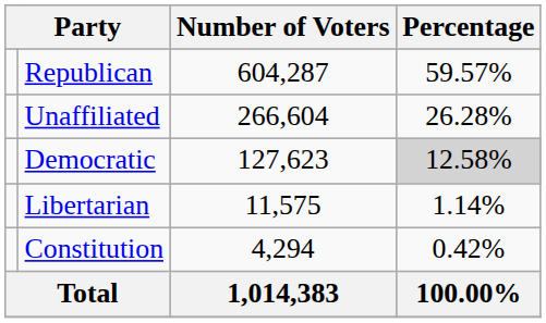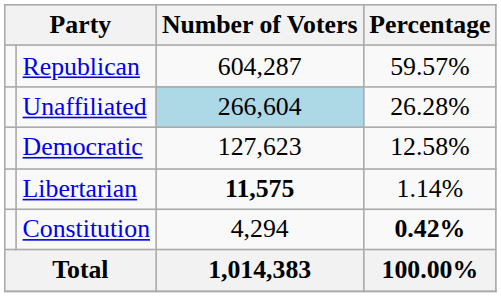 <table class="wikitable sortable">
 <tr>
 <th colspan = 2>Party</th>
 <th>Number of Voters</th>
 <th>Percentage</th>
 </tr>
 <tr>
 <td></td>
 <td><a href='#'>Republican</a></td>
 <td style="text-align:center;">604,287</td>
 <td style="text-align:center;">59.57%</td>
 </tr>
 <tr>
 <td></td>
 <td><a href='#'>Unaffiliated</a></td>
-<td style="text-align:center;">266,604</td>
+<td style="background: lightblue; text-align:center;">266,604</td>
 <td style="text-align:center;">26.28%</td>
 </tr>
 <tr>
 <td></td>
 <td><a href='#'>Democratic</a></td>
 <td style="text-align:center;">127,623</td>
-<td style="background: lightgrey; text-align:center;">12.58%</td>
+<td style="text-align:center;">12.58%</td>
 </tr>
 <tr>
 <td></td>
 <td><a href='#'>Libertarian</a></td>
-<td style="text-align:center;">11,575</td>
+<td style="text-align:center;"><strong>11,575</strong></td>
 <td style="text-align:center;">1.14%</td>
 </tr>
 <tr>
 <td></td>
 <td><a href='#'>Constitution</a></td>
 <td style="text-align:center;">4,294</td>
-<td style="text-align:center;">0.42%</td>
+<td style="text-align:center;"><strong>0.42%</strong></td>
 </tr>
 <tr>
 <th colspan="2">Total</th>
 <th style="text-align:center;">1,014,383</th>
 <th style="text-align:center;">100.00%</th>
 </tr>
 <tr>
 </tr>
 </table>
